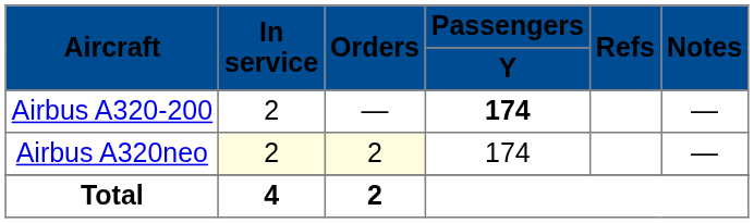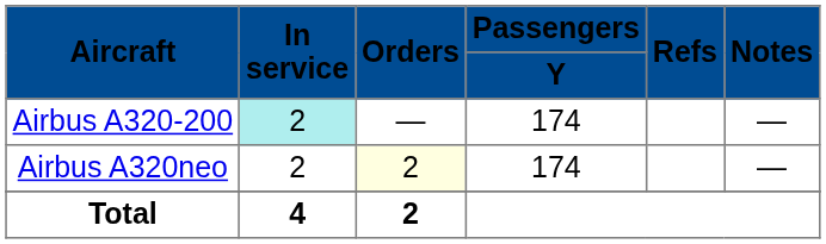 <table class="toccolours" border="1" cellpadding="3" style="border-collapse:collapse;text-align:center; margin:0.2em auto;">
 <tr style="background:#004C93;">
 <th rowspan=2><span>Aircraft</span></th>
 <th rowspan=2 style="width:50px;"><span>In service</span></th>
 <th rowspan=2 style="width:25px;"><span>Orders</span></th>
 <th colspan=1><span>Passengers</span></th>
 <th rowspan=2><span>Refs</span></th>
 <th rowspan=2><span>Notes</span></th>
 </tr>
 <tr style="background:#004C93;">
 <th><span><abbr>Y</abbr></span></th>
 </tr>
 <tr>
 <td><a href='#'>Airbus A320-200</a></td>
-<td>2</td>
+<td style="background: paleturquoise;">2</td>
 <td>—</td>
-<td><strong>174</strong></td>
+<td>174</td>
 <td></td>
 <td>—</td>
 </tr>
 <tr>
 <td><a href='#'>Airbus A320neo</a></td>
-<td style="background: lightyellow;">2</td>
+<td>2</td>
 <td style="background: lightyellow;">2</td>
 <td>174</td>
 <td></td>
 <td>—</td>
 </tr>
 <tr>
 </tr>
 <tr>
 <th>Total</th>
 <th>4</th>
 <th>2</th>
 <th colspan="4"></th>
 </tr>
 </table>
